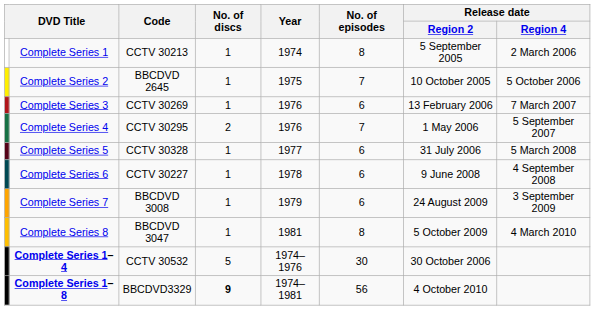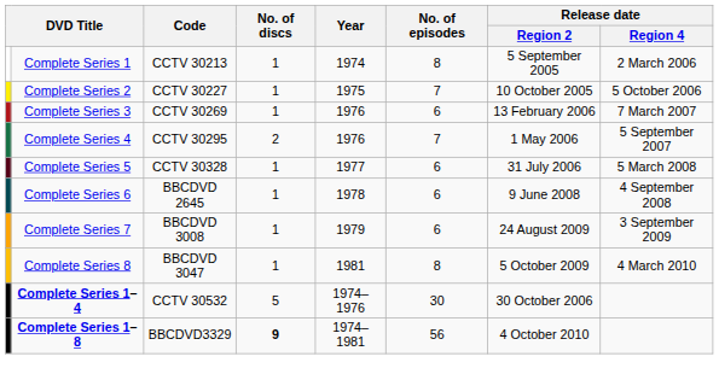 <table class="wikitable" style="width:99%; left:0 auto; text-align:center;">
 <tr>
 <th colspan="2" rowspan="2">DVD Title</th>
 <th rowspan="2">Code</th>
 <th rowspan="2">No. of discs</th>
 <th rowspan="2">Year</th>
 <th rowspan="2">No. of episodes</th>
 <th colspan="2">Release date</th>
 </tr>
 <tr>
 <th><a href='#'>Region 2</a></th>
 <th><a href='#'>Region 4</a></th>
 </tr>
 <tr>
 <td style="background:#fff;"></td>
 <td><a href='#'>Complete Series 1</a></td>
 <td>CCTV 30213</td>
 <td>1</td>
 <td>1974</td>
 <td>8</td>
 <td>5 September 2005</td>
 <td>2 March 2006</td>
 </tr>
 <tr>
 <td style="background:#ffef00;"></td>
 <td><a href='#'>Complete Series 2</a></td>
-<td>BBCDVD 2645</td>
+<td>CCTV 30227</td>
 <td>1</td>
 <td>1975</td>
 <td>7</td>
 <td>10 October 2005</td>
 <td>5 October 2006</td>
 </tr>
 <tr>
 <td style="background:#B1151A;"></td>
 <td><a href='#'>Complete Series 3</a></td>
 <td>CCTV 30269</td>
 <td>1</td>
 <td>1976</td>
 <td>6</td>
 <td>13 February 2006</td>
 <td>7 March 2007</td>
 </tr>
 <tr>
 <td style="background:#177245;"></td>
 <td><a href='#'>Complete Series 4</a></td>
 <td>CCTV 30295</td>
 <td>2</td>
 <td>1976</td>
 <td>7</td>
 <td>1 May 2006</td>
 <td>5 September 2007</td>
 </tr>
 <tr>
 <td style="background:#560319;"></td>
 <td><a href='#'>Complete Series 5</a></td>
 <td>CCTV 30328</td>
 <td>1</td>
 <td>1977</td>
 <td>6</td>
 <td>31 July 2006</td>
 <td>5 March 2008</td>
 </tr>
 <tr>
 <td style="background:#004953;"></td>
 <td><a href='#'>Complete Series 6</a></td>
-<td>CCTV 30227</td>
+<td>BBCDVD 2645</td>
 <td>1</td>
 <td>1978</td>
 <td>6</td>
 <td>9 June 2008</td>
 <td>4 September 2008</td>
 </tr>
 <tr>
 <td style="background:orange;"></td>
 <td><a href='#'>Complete Series 7</a></td>
 <td>BBCDVD 3008</td>
 <td>1</td>
 <td>1979</td>
 <td>6</td>
 <td>24 August 2009</td>
 <td>3 September 2009</td>
 </tr>
 <tr>
 <td style="background:#ffbf00;"></td>
 <td><a href='#'>Complete Series 8</a></td>
 <td>BBCDVD 3047</td>
 <td>1</td>
 <td>1981</td>
 <td>8</td>
 <td>5 October 2009</td>
 <td>4 March 2010</td>
 </tr>
 <tr>
 <td style="background:#000;"></td>
 <td><strong><a href='#'>Complete Series 1</a>–<a href='#'>4</a></strong></td>
 <td>CCTV 30532</td>
 <td>5</td>
 <td>1974–1976</td>
 <td>30</td>
 <td>30 October 2006</td>
 <td></td>
 </tr>
 <tr>
 <td style="background:#000;"></td>
 <td><strong><a href='#'>Complete Series 1</a>–<a href='#'>8</a></strong></td>
 <td>BBCDVD3329</td>
 <td><strong>9</strong></td>
 <td>1974–1981</td>
 <td>56</td>
 <td>4 October 2010</td>
 <td></td>
 </tr>
 </table>
